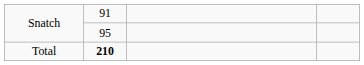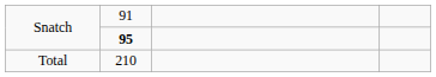 <table class = "wikitable" style="text-align:center;">
 <tr>
 <td rowspan=2 width=100>Snatch</td>
 <td width=50>91</td>
 <td width=250 align=left></td>
 <td width=50></td>
 </tr>
 <tr>
-<td>95</td>
+<td><strong>95</strong></td>
 <td align=left></td>
 <td></td>
 </tr>
 <tr>
 <td>Total</td>
-<td><strong>210</strong></td>
+<td>210</td>
 <td align=left></td>
 <td></td>
 </tr>
 </table>
